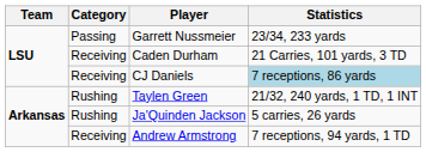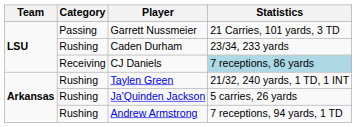 <table class="wikitable" style="float: right;">
 <tr>
 <th>Team</th>
 <th>Category</th>
 <th>Player</th>
 <th>Statistics</th>
 </tr>
 <tr>
 <td rowspan=3><strong>LSU</strong></td>
 <td>Passing</td>
 <td>Garrett Nussmeier</td>
-<td>23/34, 233 yards</td>
+<td>21 Carries, 101 yards, 3 TD</td>
 </tr>
 <tr>
-<td>Receiving</td>
+<td>Rushing</td>
 <td>Caden Durham</td>
-<td>21 Carries, 101 yards, 3 TD</td>
+<td>23/34, 233 yards</td>
 </tr>
 <tr>
 <td>Receiving</td>
 <td>CJ Daniels</td>
 <td style="background: lightblue;">7 receptions, 86 yards</td>
 </tr>
 <tr>
 <td rowspan=3><strong>Arkansas</strong></td>
 <td>Rushing</td>
 <td><a href='#'>Taylen Green</a></td>
 <td>21/32, 240 yards, 1 TD, 1 INT</td>
 </tr>
 <tr>
 <td>Rushing</td>
 <td><a href='#'>Ja'Quinden Jackson</a></td>
 <td>5 carries, 26 yards</td>
 </tr>
 <tr>
-<td>Receiving</td>
+<td>Rushing</td>
 <td><a href='#'>Andrew Armstrong</a></td>
 <td>7 receptions, 94 yards, 1 TD</td>
 </tr>
 </table>
